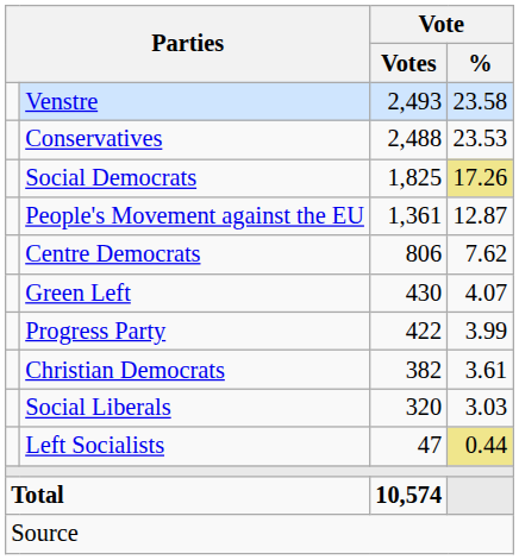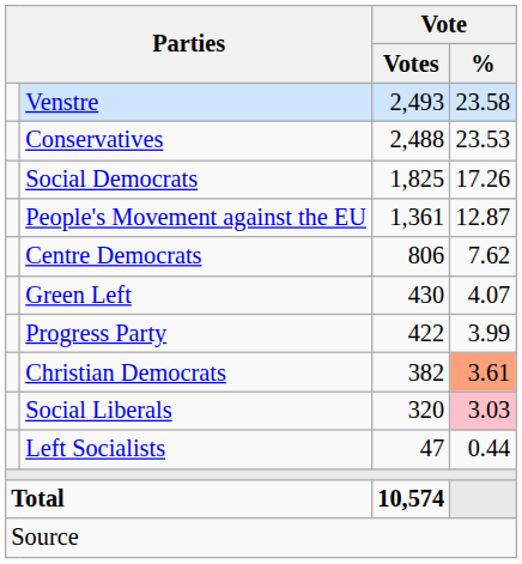 <table class="wikitable" style="text-align:right;">
 <tr>
 <th style="text-align:centre;" rowspan="2" colspan="2" width="225">Parties</th>
 <th colspan="3">Vote</th>
 </tr>
 <tr>
 <th width="15">Votes</th>
 <th width="15">%</th>
 </tr>
 <tr>
 <td width="2" style="color:inherit;background:"></td>
 <td bgcolor=#cfe5fe   align="left"><a href='#'>Venstre</a></td>
 <td bgcolor=#cfe5fe>2,493</td>
 <td bgcolor=#cfe5fe>23.58</td>
 </tr>
 <tr>
 <td width="2" style="color:inherit;background:"></td>
 <td align="left"><a href='#'>Conservatives</a></td>
 <td>2,488</td>
 <td>23.53</td>
 </tr>
 <tr>
 <td width="2" style="color:inherit;background:"></td>
 <td align="left"><a href='#'>Social Democrats</a></td>
 <td>1,825</td>
-<td style="background: khaki;">17.26</td>
+<td>17.26</td>
 </tr>
 <tr>
 <td width="2" style="color:inherit;background:"></td>
 <td align="left"><a href='#'>People's Movement against the EU</a></td>
 <td>1,361</td>
 <td>12.87</td>
 </tr>
 <tr>
 <td width="2" style="color:inherit;background:"></td>
 <td align="left"><a href='#'>Centre Democrats</a></td>
 <td>806</td>
 <td>7.62</td>
 </tr>
 <tr>
 <td width="2" style="color:inherit;background:"></td>
 <td align="left"><a href='#'>Green Left</a></td>
 <td>430</td>
 <td>4.07</td>
 </tr>
 <tr>
 <td width="2" style="color:inherit;background:"></td>
 <td align="left"><a href='#'>Progress Party</a></td>
 <td>422</td>
 <td>3.99</td>
 </tr>
 <tr>
 <td width="2" style="color:inherit;background:"></td>
 <td align="left"><a href='#'>Christian Democrats</a></td>
 <td>382</td>
-<td>3.61</td>
+<td style="background: lightsalmon;">3.61</td>
 </tr>
 <tr>
 <td width="2" style="color:inherit;background:"></td>
 <td align="left"><a href='#'>Social Liberals</a></td>
 <td>320</td>
-<td>3.03</td>
+<td style="background: pink;">3.03</td>
 </tr>
 <tr>
 <td width="2" style="color:inherit;background:"></td>
 <td align="left"><a href='#'>Left Socialists</a></td>
 <td>47</td>
-<td style="background: khaki;">0.44</td>
+<td>0.44</td>
 </tr>
 <tr>
 <td colspan="7" bgcolor="#E9E9E9"></td>
 </tr>
 <tr>
 <td align="left" colspan="2"><strong>Total</strong></td>
 <td><strong>10,574</strong></td>
 <td bgcolor="#E9E9E9" colspan="2"></td>
 </tr>
 <tr>
 <td align="left" colspan="6">Source</td>
 </tr>
 </table>
